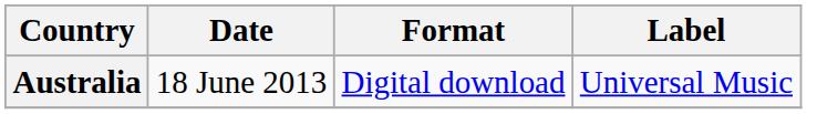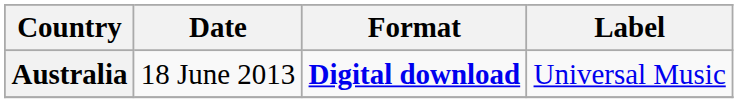 <table class="wikitable plainrowheaders">
 <tr>
 <th scope="col">Country</th>
 <th scope="col">Date</th>
 <th scope="col">Format</th>
 <th scope="col">Label</th>
 </tr>
 <tr>
 <th scope="row">Australia</th>
 <td>18 June 2013</td>
-<td><a href='#'>Digital download</a></td>
+<td><strong><a href='#'>Digital download</a></strong></td>
 <td><a href='#'>Universal Music</a></td>
 </tr>
 <tr>
 </tr>
 </table>
